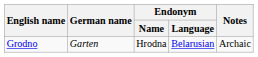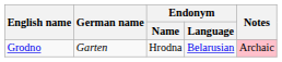 <table class="wikitable sortable mw-collapsible">
 <tr>
 <th rowspan="2">English name</th>
 <th rowspan="2">German name</th>
 <th colspan="2">Endonym</th>
 <th rowspan="2">Notes</th>
 </tr>
 <tr>
 <th>Name</th>
 <th>Language</th>
 </tr>
 <tr>
 <td><a href='#'>Grodno</a></td>
 <td><em>Garten</em></td>
 <td>Hrodna</td>
 <td><a href='#'>Belarusian</a></td>
-<td>Archaic</td>
+<td style="background: pink;">Archaic</td>
 </tr>
 </table>
